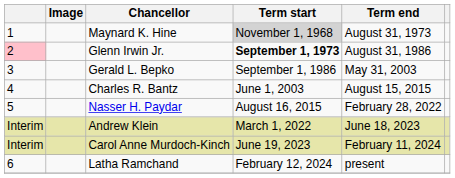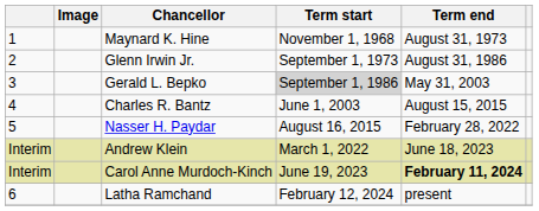 <table class="wikitable">
 <tr>
 <th></th>
 <th>Image</th>
 <th>Chancellor</th>
 <th>Term start</th>
 <th>Term end</th>
 <th></th>
 </tr>
 <tr>
 <td>1</td>
 <td></td>
 <td>Maynard K. Hine</td>
-<td style="background: lightgrey;">November 1, 1968</td>
+<td>November 1, 1968</td>
 <td>August 31, 1973</td>
 <td></td>
 </tr>
 <tr>
-<td style="background: pink;">2</td>
+<td>2</td>
 <td></td>
 <td>Glenn Irwin Jr.</td>
-<td nowrap><strong>September 1, 1973</strong></td>
+<td nowrap>September 1, 1973</td>
 <td>August 31, 1986</td>
 <td></td>
 </tr>
 <tr>
 <td>3</td>
 <td></td>
 <td>Gerald L. Bepko</td>
-<td>September 1, 1986</td>
+<td style="background: lightgrey;">September 1, 1986</td>
 <td>May 31, 2003</td>
 <td></td>
 </tr>
 <tr>
 <td>4</td>
 <td></td>
 <td>Charles R. Bantz</td>
 <td>June 1, 2003</td>
 <td>August 15, 2015</td>
 <td></td>
 </tr>
 <tr>
 <td>5</td>
 <td></td>
 <td><a href='#'>Nasser H. Paydar</a></td>
 <td>August 16, 2015</td>
 <td>February 28, 2022</td>
 <td></td>
 </tr>
 <tr bgcolor="#e6e6aa">
 <td>Interim</td>
 <td></td>
 <td>Andrew Klein</td>
 <td>March 1, 2022</td>
 <td>June 18, 2023</td>
 <td></td>
 </tr>
 <tr bgcolor="#e6e6aa">
 <td>Interim</td>
 <td></td>
 <td>Carol Anne Murdoch-Kinch</td>
 <td>June 19, 2023</td>
-<td nowrap>February 11, 2024</td>
+<td nowrap><strong>February 11, 2024</strong></td>
 <td></td>
 </tr>
 <tr>
 <td>6</td>
 <td></td>
 <td>Latha Ramchand</td>
 <td>February 12, 2024</td>
 <td>present</td>
 <td></td>
 </tr>
 <tr>
 </tr>
 </table>
